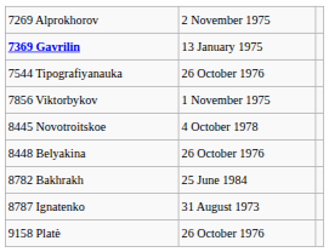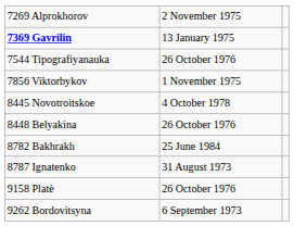 <table class="wikitable" style="font-size: 89%; float: left; width: 26em; margin-right: 1em; height: 280px;">
 <tr>
 <td>7269 Alprokhorov</td>
 <td>2 November 1975</td>
 <td></td>
 </tr>
 <tr>
 <td><strong><a href='#'>7369 Gavrilin</a></strong></td>
 <td>13 January 1975</td>
 <td></td>
 </tr>
 <tr>
 <td>7544 Tipografiyanauka</td>
 <td>26 October 1976</td>
 <td></td>
 </tr>
 <tr>
 <td>7856 Viktorbykov</td>
 <td>1 November 1975</td>
 <td></td>
 </tr>
 <tr>
 <td>8445 Novotroitskoe</td>
 <td>4 October 1978</td>
 <td></td>
 </tr>
 <tr>
 <td>8448 Belyakina</td>
 <td>26 October 1976</td>
 <td></td>
 </tr>
 <tr>
 <td>8782 Bakhrakh</td>
 <td>25 June 1984</td>
 <td></td>
 </tr>
 <tr>
 <td>8787 Ignatenko</td>
 <td>31 August 1973</td>
 <td></td>
 </tr>
 <tr>
 <td>9158 Platè</td>
 <td>26 October 1976</td>
 <td></td>
 </tr>
+<tr>
+<td>9262 Bordovitsyna</td>
+<td>6 September 1973</td>
+<td></td>
+</tr>
 </table>
